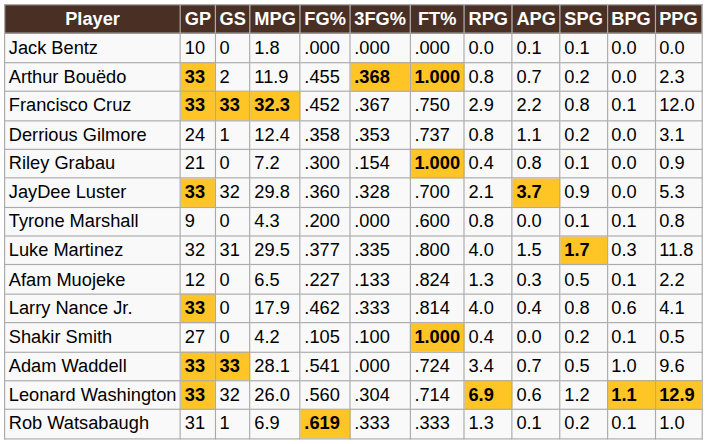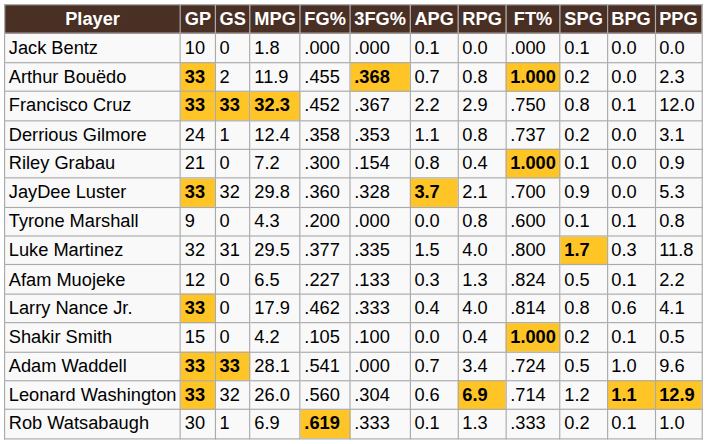 <table class="wikitable sortable">
 <tr>
 <th style="background:#492f24; color:white">Player</th>
 <th style="background:#492f24; color:white">GP</th>
 <th style="background:#492f24; color:white">GS</th>
 <th style="background:#492f24; color:white">MPG</th>
 <th style="background:#492f24; color:white">FG%</th>
 <th style="background:#492f24; color:white">3FG%</th>
+<th style="background:#492f24; color:white;">APG</th>
+<th style="background:#492f24; color:white;">RPG</th>
 <th style="background:#492f24; color:white">FT%</th>
-<th style="background:#492f24; color:white;">RPG</th>
-<th style="background:#492f24; color:white;">APG</th>
 <th style="background:#492f24; color:white;">SPG</th>
 <th style="background:#492f24; color:white;">BPG</th>
 <th style="background:#492f24; color:white;">PPG</th>
 </tr>
 <tr>
 <td>Jack Bentz</td>
 <td>10</td>
 <td>0</td>
 <td>1.8</td>
 <td>.000</td>
 <td>.000</td>
+<td>0.1</td>
+<td>0.0</td>
 <td>.000</td>
-<td>0.0</td>
-<td>0.1</td>
 <td>0.1</td>
 <td>0.0</td>
 <td>0.0</td>
 </tr>
 <tr>
 <td>Arthur Bouëdo</td>
 <td style="background:#ffc425;"><strong>33</strong></td>
 <td>2</td>
 <td>11.9</td>
 <td>.455</td>
 <td style="background:#ffc425;"><strong>.368</strong></td>
+<td>0.7</td>
+<td>0.8</td>
 <td style="background:#ffc425;"><strong>1.000</strong></td>
-<td>0.8</td>
-<td>0.7</td>
 <td>0.2</td>
 <td>0.0</td>
 <td>2.3</td>
 </tr>
 <tr>
 <td>Francisco Cruz</td>
 <td style="background:#ffc425;"><strong>33</strong></td>
 <td style="background:#ffc425;"><strong>33</strong></td>
 <td style="background:#ffc425;"><strong>32.3</strong></td>
 <td>.452</td>
 <td>.367</td>
+<td>2.2</td>
+<td>2.9</td>
 <td>.750</td>
-<td>2.9</td>
-<td>2.2</td>
 <td>0.8</td>
 <td>0.1</td>
 <td>12.0</td>
 </tr>
 <tr>
 <td>Derrious Gilmore</td>
 <td>24</td>
 <td>1</td>
 <td>12.4</td>
 <td>.358</td>
 <td>.353</td>
+<td>1.1</td>
+<td>0.8</td>
 <td>.737</td>
-<td>0.8</td>
-<td>1.1</td>
 <td>0.2</td>
 <td>0.0</td>
 <td>3.1</td>
 </tr>
 <tr>
 <td>Riley Grabau</td>
 <td>21</td>
 <td>0</td>
 <td>7.2</td>
 <td>.300</td>
 <td>.154</td>
+<td>0.8</td>
+<td>0.4</td>
 <td style="background:#ffc425;"><strong>1.000</strong></td>
-<td>0.4</td>
-<td>0.8</td>
 <td>0.1</td>
 <td>0.0</td>
 <td>0.9</td>
 </tr>
 <tr>
 <td>JayDee Luster</td>
 <td style="background:#ffc425;"><strong>33</strong></td>
 <td>32</td>
 <td>29.8</td>
 <td>.360</td>
 <td>.328</td>
+<td style="background:#ffc425;"><strong>3.7</strong></td>
+<td>2.1</td>
 <td>.700</td>
-<td>2.1</td>
-<td style="background:#ffc425;"><strong>3.7</strong></td>
 <td>0.9</td>
 <td>0.0</td>
 <td>5.3</td>
 </tr>
 <tr>
 <td>Tyrone Marshall</td>
 <td>9</td>
 <td>0</td>
 <td>4.3</td>
 <td>.200</td>
 <td>.000</td>
+<td>0.0</td>
+<td>0.8</td>
 <td>.600</td>
-<td>0.8</td>
-<td>0.0</td>
 <td>0.1</td>
 <td>0.1</td>
 <td>0.8</td>
 </tr>
 <tr>
 <td>Luke Martinez</td>
 <td>32</td>
 <td>31</td>
 <td>29.5</td>
 <td>.377</td>
 <td>.335</td>
+<td>1.5</td>
+<td>4.0</td>
 <td>.800</td>
-<td>4.0</td>
-<td>1.5</td>
 <td style="background:#ffc425;"><strong>1.7</strong></td>
 <td>0.3</td>
 <td>11.8</td>
 </tr>
 <tr>
 <td>Afam Muojeke</td>
 <td>12</td>
 <td>0</td>
 <td>6.5</td>
 <td>.227</td>
 <td>.133</td>
+<td>0.3</td>
+<td>1.3</td>
 <td>.824</td>
-<td>1.3</td>
-<td>0.3</td>
 <td>0.5</td>
 <td>0.1</td>
 <td>2.2</td>
 </tr>
 <tr>
 <td>Larry Nance Jr.</td>
 <td style="background:#ffc425;"><strong>33</strong></td>
 <td>0</td>
 <td>17.9</td>
 <td>.462</td>
 <td>.333</td>
+<td>0.4</td>
+<td>4.0</td>
 <td>.814</td>
-<td>4.0</td>
-<td>0.4</td>
 <td>0.8</td>
 <td>0.6</td>
 <td>4.1</td>
 </tr>
 <tr>
 <td>Shakir Smith</td>
-<td>27</td>
+<td>15</td>
 <td>0</td>
 <td>4.2</td>
 <td>.105</td>
 <td>.100</td>
+<td>0.0</td>
+<td>0.4</td>
 <td style="background:#ffc425;"><strong>1.000</strong></td>
-<td>0.4</td>
-<td>0.0</td>
 <td>0.2</td>
 <td>0.1</td>
 <td>0.5</td>
 </tr>
 <tr>
 <td>Adam Waddell</td>
 <td style="background:#ffc425;"><strong>33</strong></td>
 <td style="background:#ffc425;"><strong>33</strong></td>
 <td>28.1</td>
 <td>.541</td>
 <td>.000</td>
+<td>0.7</td>
+<td>3.4</td>
 <td>.724</td>
-<td>3.4</td>
-<td>0.7</td>
 <td>0.5</td>
 <td>1.0</td>
 <td>9.6</td>
 </tr>
 <tr>
 <td>Leonard Washington</td>
 <td style="background:#ffc425;"><strong>33</strong></td>
 <td>32</td>
 <td>26.0</td>
 <td>.560</td>
 <td>.304</td>
+<td>0.6</td>
+<td style="background:#ffc425;"><strong>6.9</strong></td>
 <td>.714</td>
-<td style="background:#ffc425;"><strong>6.9</strong></td>
-<td>0.6</td>
 <td>1.2</td>
 <td style="background:#ffc425;"><strong>1.1</strong></td>
 <td style="background:#ffc425;"><strong>12.9</strong></td>
 </tr>
 <tr>
 <td>Rob Watsabaugh</td>
-<td>31</td>
+<td>30</td>
 <td>1</td>
 <td>6.9</td>
 <td style="background:#ffc425;"><strong>.619</strong></td>
 <td>.333</td>
+<td>0.1</td>
+<td>1.3</td>
 <td>.333</td>
-<td>1.3</td>
-<td>0.1</td>
 <td>0.2</td>
 <td>0.1</td>
 <td>1.0</td>
 </tr>
 </table>
